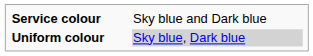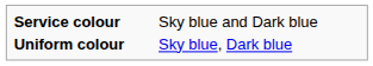 <table class="infobox" style="font-size: 80%; text-align: left; width: 23.5em">
 <tr>
 <td><strong>Service colour</strong></td>
 <td>Sky blue and Dark blue<br></td>
 </tr>
 <tr>
 <td><strong>Uniform colour</strong></td>
-<td style="background: lightgrey;"><a href='#'>Sky blue</a>, <a href='#'>Dark blue</a><br></td>
+<td><a href='#'>Sky blue</a>, <a href='#'>Dark blue</a><br></td>
 </tr>
 </table>
